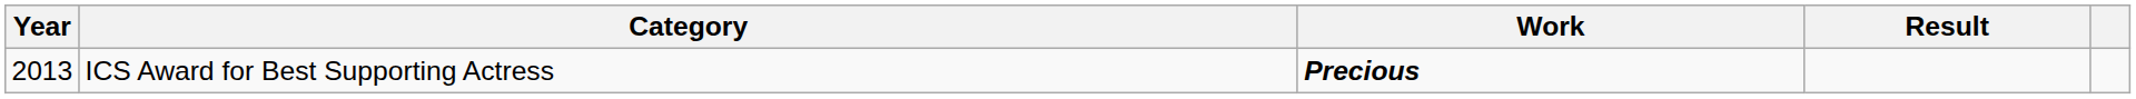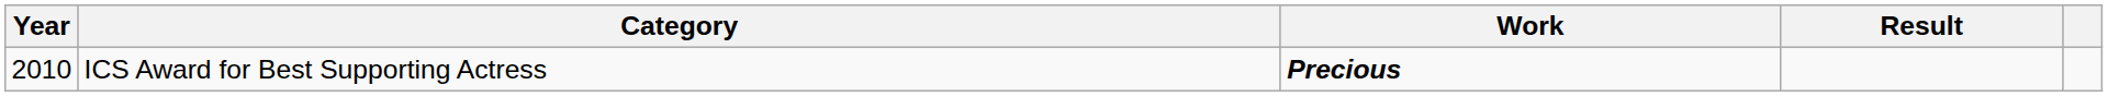 <table class="wikitable">
 <tr>
 <th scope="col" style="width:1em;">Year</th>
 <th scope="col" style="width:44em;">Category</th>
 <th scope="col" style="width:18em;">Work</th>
 <th scope="col" style="width:10em;">Result</th>
 <th class="unsortable" style="width:1em;"></th>
 </tr>
 <tr>
-<td>2013</td>
+<td>2010</td>
 <td>ICS Award for Best Supporting Actress </td>
 <td><strong><em>Precious</em></strong></td>
 <td></td>
 <td></td>
 </tr>
 </table>
